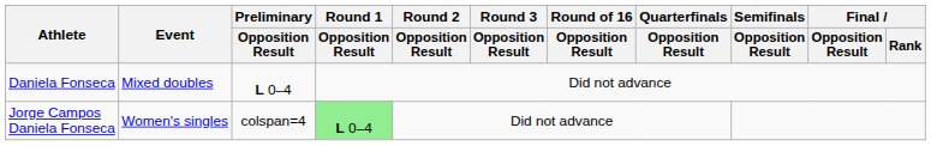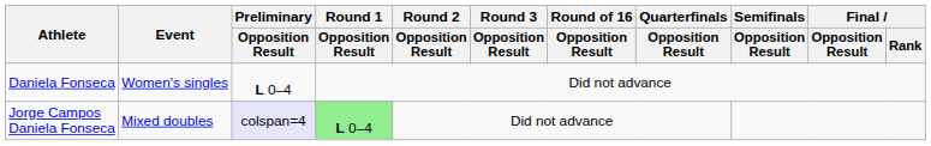 <table class="wikitable" style="font-size:90%;">
 <tr>
 <th rowspan=2>Athlete</th>
 <th rowspan=2>Event</th>
 <th>Preliminary</th>
 <th>Round 1</th>
 <th>Round 2</th>
 <th>Round 3</th>
 <th>Round of 16</th>
 <th>Quarterfinals</th>
 <th>Semifinals</th>
 <th colspan=2>Final / </th>
 </tr>
 <tr style="font-size:95%">
 <th>Opposition<br>Result</th>
 <th>Opposition<br>Result</th>
 <th>Opposition<br>Result</th>
 <th>Opposition<br>Result</th>
 <th>Opposition<br>Result</th>
 <th>Opposition<br>Result</th>
 <th>Opposition<br>Result</th>
 <th>Opposition<br>Result</th>
 <th>Rank</th>
 </tr>
 <tr align=center>
 <td align=left><a href='#'>Daniela Fonseca</a></td>
-<td align=left><a href='#'>Mixed doubles</a></td>
+<td align=left><a href='#'>Women's singles</a></td>
 <td><br><strong>L</strong> 0–4</td>
 <td colspan=8>Did not advance</td>
 </tr>
 <tr align=center>
 <td align=left><a href='#'>Jorge Campos</a><br><a href='#'>Daniela Fonseca</a></td>
-<td align=left><a href='#'>Women's singles</a></td>
-<td>colspan=4 </td>
+<td align=left><a href='#'>Mixed doubles</a></td>
+<td style="background: lavender;">colspan=4 </td>
 <td style="background: lightgreen;"><br><strong>L</strong> 0–4</td>
 <td colspan="4">Did not advance</td>
 </tr>
 </table>
